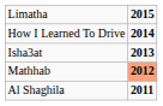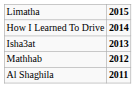 <table class="wikitable">
 <tr>
 <td>Limatha</td>
 <td><strong>2015</strong></td>
 </tr>
 <tr>
 <td>How I Learned To Drive</td>
 <td><strong>2014</strong></td>
 </tr>
 <tr>
 <td>Isha3at</td>
 <td><strong>2013</strong></td>
 </tr>
 <tr>
 <td>Mathhab</td>
-<td style="background: lightsalmon;"><strong>2012</strong></td>
+<td><strong>2012</strong></td>
 </tr>
 <tr>
 <td>Al Shaghila</td>
 <td><strong>2011</strong></td>
 </tr>
 </table>
